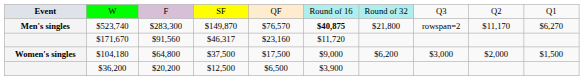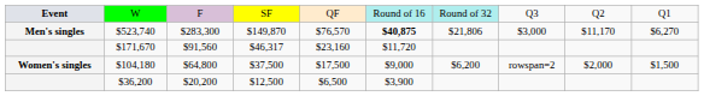 <table class=wikitable style=font-size:90%;text-align:center>
 <tr>
 <td style="width:130px; background:#dfe2e9;"><strong>Event</strong></td>
 <td style="width:80px; background:lime;">W</td>
 <td style="width:85px; background:thistle;">F</td>
 <td style="width:85px; background:#ff0;">SF</td>
 <td style="width:85px; background:#ffebcd;">QF</td>
 <td style="width:85px; background:#afeeee;">Round of 16</td>
 <td style="width:85px; background:#afeeee;">Round of 32</td>
 <td style="width:85px;">Q3</td>
 <td style="width:85px;">Q2</td>
 <td style="width:85px;">Q1</td>
 </tr>
 <tr>
 <td style="background:#f4f4f4;"><strong>Men's singles</strong></td>
 <td>$523,740</td>
 <td>$283,300</td>
 <td>$149,870</td>
 <td>$76,570</td>
 <td><strong>$40,875</strong></td>
-<td>$21,800</td>
-<td>rowspan=2 </td>
+<td>$21,806</td>
+<td>$3,000</td>
 <td>$11,170</td>
 <td>$6,270</td>
 </tr>
 <tr>
 <td style="background:#f4f4f4;"><strong></strong></td>
 <td>$171,670</td>
 <td>$91,560</td>
 <td>$46,317</td>
 <td>$23,160</td>
 <td>$11,720</td>
 <td></td>
 <td></td>
 <td></td>
 </tr>
 <tr>
 <td style="background:#f4f4f4;"><strong>Women's singles</strong></td>
 <td>$104,180</td>
 <td>$64,800</td>
 <td>$37,500</td>
 <td>$17,500</td>
 <td>$9,000</td>
 <td>$6,200</td>
-<td>$3,000</td>
+<td>rowspan=2 </td>
 <td>$2,000</td>
 <td>$1,500</td>
 </tr>
 <tr>
 <td style="background:#f4f4f4;"><strong></strong></td>
 <td>$36,200</td>
 <td>$20,200</td>
 <td>$12,500</td>
 <td>$6,500</td>
 <td>$3,900</td>
 <td></td>
 <td></td>
 <td></td>
 <td></td>
 </tr>
 </table>
